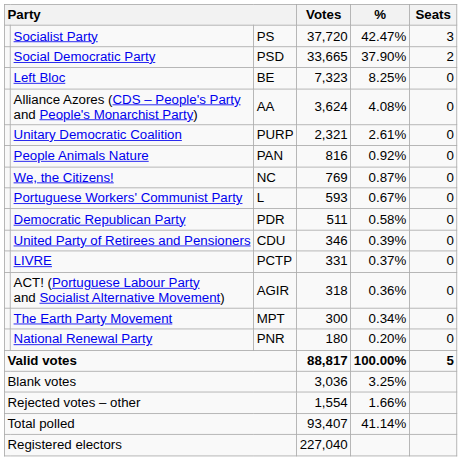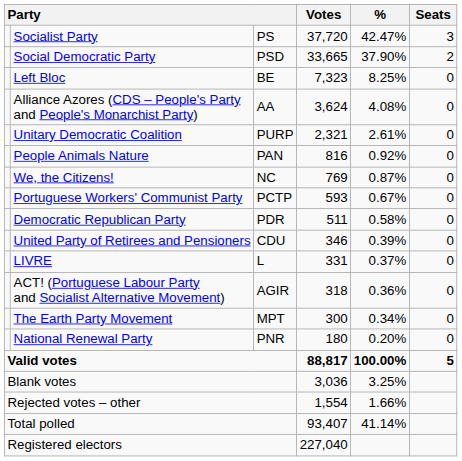 <table class="wikitable" border="1" style="text-align:right;">
 <tr>
 <th style="text-align:left;" colspan=3>Party</th>
 <th align=center width="50">Votes</th>
 <th align=center width="50">%</th>
 <th align=center width="50">Seats</th>
 </tr>
 <tr>
 <td></td>
 <td align=left><a href='#'>Socialist Party</a></td>
 <td align=left>PS</td>
 <td>37,720</td>
 <td>42.47%</td>
 <td>3</td>
 </tr>
 <tr>
 <td></td>
 <td align=left><a href='#'>Social Democratic Party</a></td>
 <td align=left>PSD</td>
 <td>33,665</td>
 <td>37.90%</td>
 <td>2</td>
 </tr>
 <tr>
 <td></td>
 <td align=left><a href='#'>Left Bloc</a></td>
 <td align=left>BE</td>
 <td>7,323</td>
 <td>8.25%</td>
 <td>0</td>
 </tr>
 <tr>
 <td></td>
 <td align=left>Alliance Azores (<a href='#'>CDS – People's Party</a><br>and <a href='#'>People's Monarchist Party</a>)</td>
 <td align=left>AA</td>
 <td>3,624</td>
 <td>4.08%</td>
 <td>0</td>
 </tr>
 <tr>
 <td></td>
 <td align=left style="white-space: nowrap;"><a href='#'>Unitary Democratic Coalition</a></td>
 <td align=left>PURP</td>
 <td>2,321</td>
 <td>2.61%</td>
 <td>0</td>
 </tr>
 <tr>
 <td></td>
 <td align=left><a href='#'>People Animals Nature</a></td>
 <td align=left>PAN</td>
 <td>816</td>
 <td>0.92%</td>
 <td>0</td>
 </tr>
 <tr>
 <td></td>
 <td align=left><a href='#'>We, the Citizens!</a></td>
 <td align=left>NC</td>
 <td>769</td>
 <td>0.87%</td>
 <td>0</td>
 </tr>
 <tr>
 <td></td>
 <td align=left><a href='#'>Portuguese Workers' Communist Party</a></td>
-<td align=left>L</td>
+<td align=left>PCTP</td>
 <td>593</td>
 <td>0.67%</td>
 <td>0</td>
 </tr>
 <tr>
 <td></td>
 <td align=left><a href='#'>Democratic Republican Party</a></td>
 <td align=left>PDR</td>
 <td>511</td>
 <td>0.58%</td>
 <td>0</td>
 </tr>
 <tr>
 <td></td>
 <td align=left><a href='#'>United Party of Retirees and Pensioners</a></td>
 <td align=left>CDU</td>
 <td>346</td>
 <td>0.39%</td>
 <td>0</td>
 </tr>
 <tr>
 <td></td>
 <td align=left><a href='#'>LIVRE</a></td>
-<td align=left>PCTP</td>
+<td align=left>L</td>
 <td>331</td>
 <td>0.37%</td>
 <td>0</td>
 </tr>
 <tr>
 <td></td>
 <td align=left>ACT! (<a href='#'>Portuguese Labour Party</a><br>and <a href='#'>Socialist Alternative Movement</a>)</td>
 <td align=left>AGIR</td>
 <td>318</td>
 <td>0.36%</td>
 <td>0</td>
 </tr>
 <tr>
 <td></td>
 <td align=left><a href='#'>The Earth Party Movement</a></td>
 <td align=left>MPT</td>
 <td>300</td>
 <td>0.34%</td>
 <td>0</td>
 </tr>
 <tr>
 <td></td>
 <td align=left><a href='#'>National Renewal Party</a></td>
 <td align=left>PNR</td>
 <td>180</td>
 <td>0.20%</td>
 <td>0</td>
 </tr>
 <tr style="font-weight:bold">
 <td align=left colspan=3>Valid votes</td>
 <td>88,817</td>
 <td>100.00%</td>
 <td>5</td>
 </tr>
 <tr>
 <td align=left colspan=3>Blank votes</td>
 <td>3,036</td>
 <td>3.25%</td>
 <td></td>
 </tr>
 <tr>
 <td align=left colspan=3>Rejected votes – other</td>
 <td>1,554</td>
 <td>1.66%</td>
 <td></td>
 </tr>
 <tr>
 <td align=left colspan=3>Total polled</td>
 <td>93,407</td>
 <td>41.14%</td>
 <td></td>
 </tr>
 <tr>
 <td align=left colspan=3>Registered electors</td>
 <td>227,040</td>
 <td></td>
 <td></td>
 </tr>
 </table>
